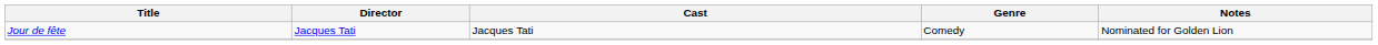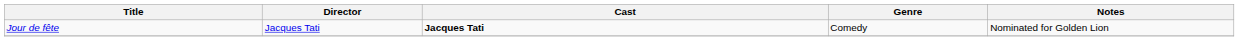 <table class="wikitable" style="width:100%;">
 <tr>
 <th style="width:21%;">Title</th>
 <th style="width:13%;">Director</th>
 <th style="width:33%;">Cast</th>
 <th style="width:13%;">Genre</th>
 <th style="width:20%;">Notes</th>
 </tr>
 <tr>
 <td><em><a href='#'>Jour de fête</a></em></td>
 <td><a href='#'>Jacques Tati</a></td>
-<td>Jacques Tati</td>
+<td><strong>Jacques Tati</strong></td>
 <td>Comedy</td>
 <td>Nominated for Golden Lion</td>
 </tr>
 <tr>
 </tr>
 </table>
